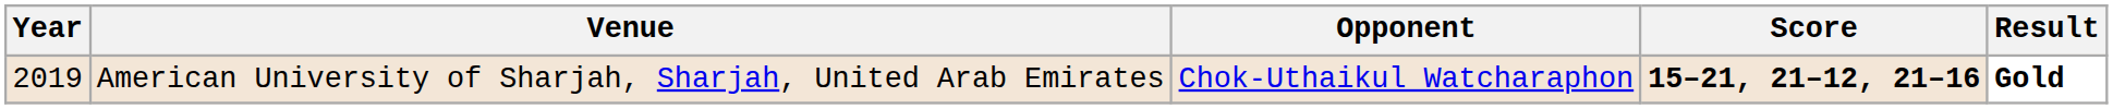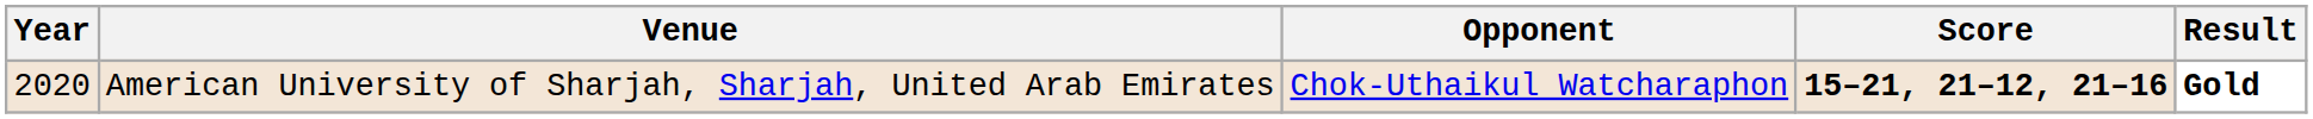 <table class="sortable wikitable" style="font-size: 90%;">
 <tr>
 <th>Year</th>
 <th>Venue</th>
 <th>Opponent</th>
 <th>Score</th>
 <th>Result</th>
 </tr>
 <tr style="background:#F3E6D7">
-<td align="center">2019</td>
+<td align="center">2020</td>
 <td align="left">American University of Sharjah, <a href='#'>Sharjah</a>, United Arab Emirates</td>
 <td align="left"> <a href='#'>Chok-Uthaikul Watcharaphon</a></td>
 <td align="left"><strong>15–21, 21–12, 21–16</strong></td>
 <td style="text-align:left; background:white"> <strong>Gold</strong></td>
 </tr>
 </table>
